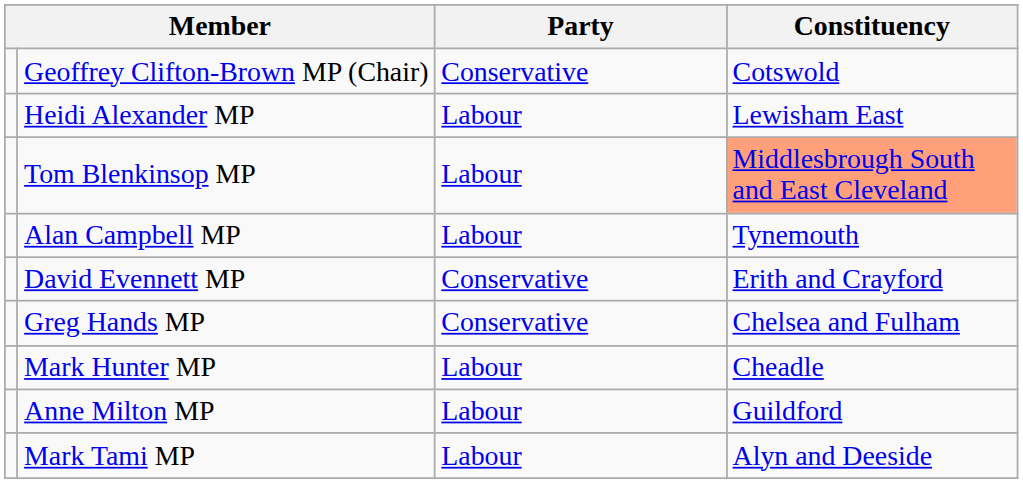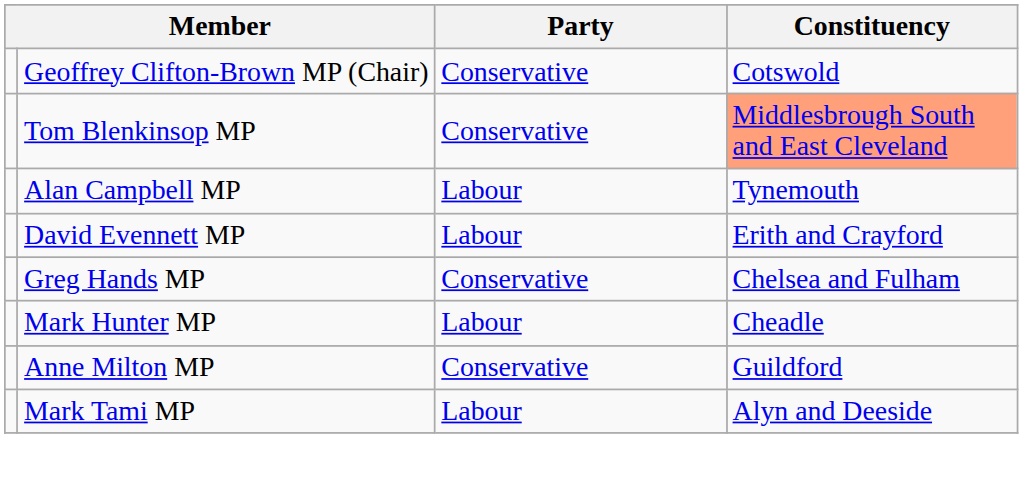 <table class="wikitable">
 <tr>
 <th colspan="2">Member</th>
 <th valign="top" width="160px">Party</th>
 <th valign="top" width="160px">Constituency</th>
 </tr>
 <tr>
 <td style="color:inherit;background:"></td>
 <td><a href='#'>Geoffrey Clifton-Brown</a> MP (Chair)</td>
 <td><a href='#'>Conservative</a></td>
 <td><a href='#'>Cotswold</a></td>
 </tr>
 <tr>
 <td style="color:inherit;background:"></td>
-<td><a href='#'>Heidi Alexander</a> MP</td>
-<td><a href='#'>Labour</a></td>
-<td><a href='#'>Lewisham East</a></td>
-</tr>
-<tr>
-<td style="color:inherit;background:"></td>
 <td><a href='#'>Tom Blenkinsop</a> MP</td>
-<td><a href='#'>Labour</a></td>
+<td><a href='#'>Conservative</a></td>
 <td style="background: lightsalmon;"><a href='#'>Middlesbrough South and East Cleveland</a></td>
 </tr>
 <tr>
 <td style="color:inherit;background:"></td>
 <td><a href='#'>Alan Campbell</a> MP</td>
 <td><a href='#'>Labour</a></td>
 <td><a href='#'>Tynemouth</a></td>
 </tr>
 <tr>
 <td style="color:inherit;background:"></td>
 <td><a href='#'>David Evennett</a> MP</td>
-<td><a href='#'>Conservative</a></td>
+<td><a href='#'>Labour</a></td>
 <td><a href='#'>Erith and Crayford</a></td>
 </tr>
 <tr>
 <td style="color:inherit;background:"></td>
 <td><a href='#'>Greg Hands</a> MP</td>
 <td><a href='#'>Conservative</a></td>
 <td><a href='#'>Chelsea and Fulham</a></td>
 </tr>
 <tr>
 <td style="color:inherit;background:"></td>
 <td><a href='#'>Mark Hunter</a> MP</td>
 <td><a href='#'>Labour</a></td>
 <td><a href='#'>Cheadle</a></td>
 </tr>
 <tr>
 <td style="color:inherit;background:"></td>
 <td><a href='#'>Anne Milton</a> MP</td>
-<td><a href='#'>Labour</a></td>
+<td><a href='#'>Conservative</a></td>
 <td><a href='#'>Guildford</a></td>
 </tr>
 <tr>
 <td style="color:inherit;background:"></td>
 <td><a href='#'>Mark Tami</a> MP</td>
 <td><a href='#'>Labour</a></td>
 <td><a href='#'>Alyn and Deeside</a></td>
 </tr>
 </table>
